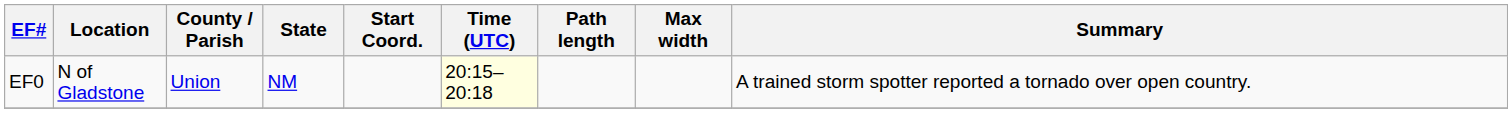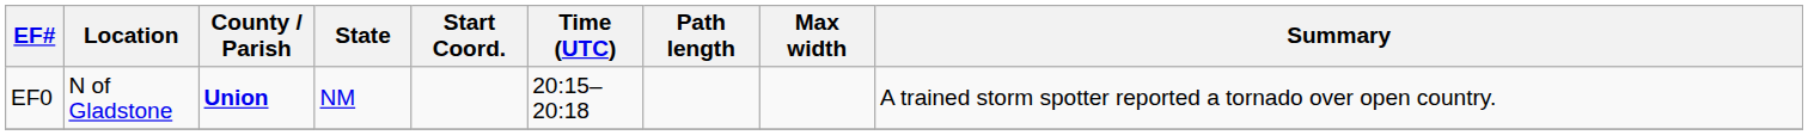 <table class="wikitable sortable" style="width:100%;">
 <tr>
 <th scope="col" style="width:3%; text-align:center;"><a href='#'>EF#</a></th>
 <th scope="col" style="width:7%; text-align:center;" class="unsortable">Location</th>
 <th scope="col" style="width:6%; text-align:center;" class="unsortable">County / Parish</th>
 <th scope="col" style="width:5%; text-align:center;">State</th>
 <th scope="col" style="width:6%; text-align:center;">Start Coord.</th>
 <th scope="col" style="width:6%; text-align:center;">Time (<a href='#'>UTC</a>)</th>
 <th scope="col" style="width:6%; text-align:center;">Path length</th>
 <th scope="col" style="width:6%; text-align:center;">Max width</th>
 <th scope="col" class="unsortable" style="width:48%; text-align:center;">Summary</th>
 </tr>
 <tr>
 <td bgcolor=>EF0</td>
 <td>N of <a href='#'>Gladstone</a></td>
-<td><a href='#'>Union</a></td>
+<td><strong><a href='#'>Union</a></strong></td>
 <td><a href='#'>NM</a></td>
 <td></td>
-<td style="background: lightyellow;">20:15–20:18</td>
+<td>20:15–20:18</td>
 <td></td>
 <td></td>
 <td>A trained storm spotter reported a tornado over open country.</td>
 </tr>
 <tr>
 </tr>
 </table>
